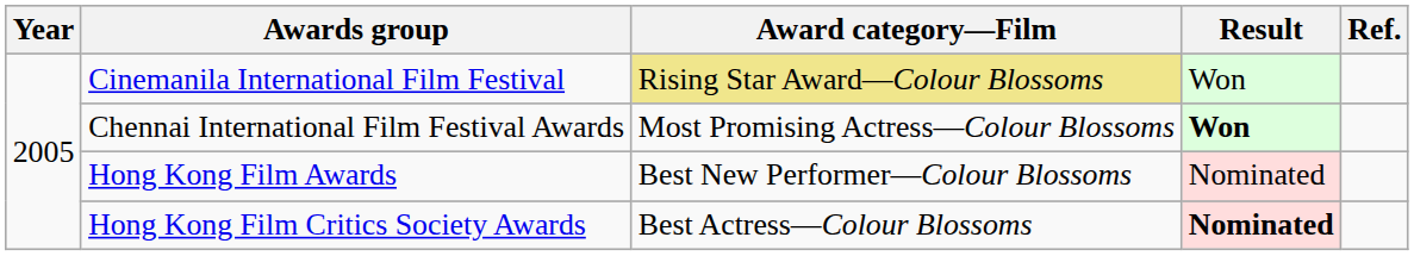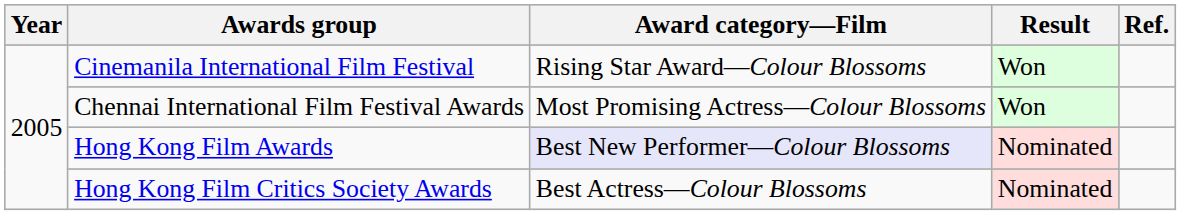 <table class="wikitable">
 <tr>
 <th>Year</th>
 <th>Awards group</th>
 <th>Award category—Film</th>
 <th>Result</th>
 <th>Ref.</th>
 </tr>
 <tr>
 <td rowspan="4">2005</td>
 <td><a href='#'>Cinemanila International Film Festival</a></td>
-<td style="background: khaki;">Rising Star Award—<em>Colour Blossoms</em></td>
+<td>Rising Star Award—<em>Colour Blossoms</em></td>
 <td style="background: #ddffdd">Won</td>
 <td></td>
 </tr>
 <tr>
 <td>Chennai International Film Festival Awards</td>
 <td>Most Promising Actress—<em>Colour Blossoms</em></td>
-<td style="background: #ddffdd"><strong>Won</strong></td>
+<td style="background: #ddffdd">Won</td>
 <td></td>
 </tr>
 <tr>
 <td><a href='#'>Hong Kong Film Awards</a></td>
-<td>Best New Performer—<em>Colour Blossoms</em></td>
+<td style="background: lavender;">Best New Performer—<em>Colour Blossoms</em></td>
 <td style="background: #ffdddd">Nominated</td>
 <td></td>
 </tr>
 <tr>
 <td><a href='#'>Hong Kong Film Critics Society Awards</a></td>
 <td>Best Actress—<em>Colour Blossoms</em></td>
-<td style="background: #ffdddd"><strong>Nominated</strong></td>
+<td style="background: #ffdddd">Nominated</td>
 <td></td>
 </tr>
 </table>
